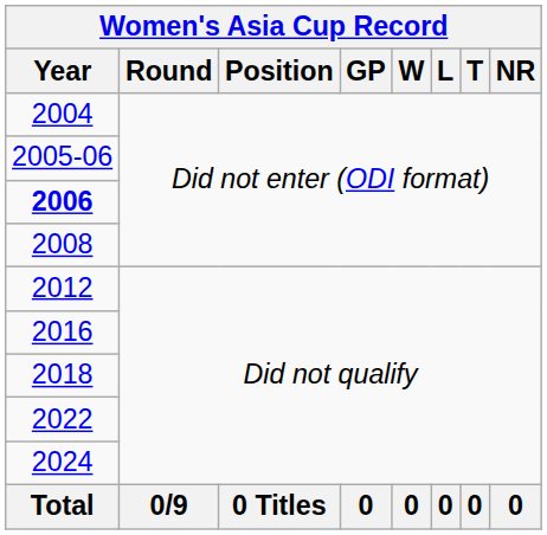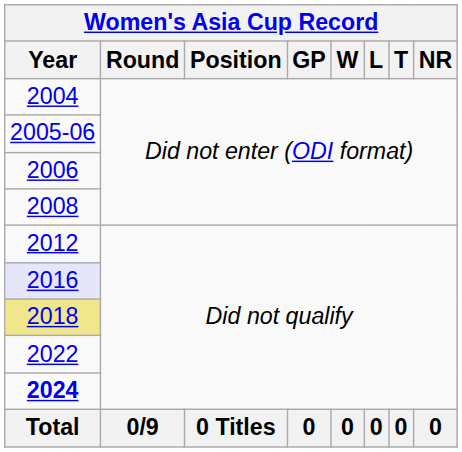 <table class="wikitable" style="text-align: center; width=900px;">
 <tr>
 <th colspan="8"><a href='#'>Women's Asia Cup Record</a></th>
 </tr>
 <tr>
 <th>Year</th>
 <th>Round</th>
 <th>Position</th>
 <th>GP</th>
 <th>W</th>
 <th>L</th>
 <th>T</th>
 <th>NR</th>
 </tr>
 <tr>
 <td><a href='#'>2004</a> </td>
 <td colspan="7" rowspan="4"><em>Did not enter (<a href='#'>ODI</a> format)</em></td>
 </tr>
 <tr>
 <td><a href='#'>2005-06</a> </td>
 </tr>
 <tr>
-<td><strong><a href='#'>2006</a> </strong></td>
+<td><a href='#'>2006</a> </td>
 </tr>
 <tr>
 <td><a href='#'>2008</a> </td>
 </tr>
 <tr>
 <td><a href='#'>2012</a> </td>
 <td colspan="7" rowspan="5"><em>Did not qualify</td>
 </tr>
 <tr>
-<td><a href='#'>2016</a> </td>
+<td style="background: lavender;"><a href='#'>2016</a> </td>
 </tr>
 <tr>
-<td><a href='#'>2018</a> </td>
+<td style="background: khaki;"><a href='#'>2018</a> </td>
 </tr>
 <tr>
 <td><a href='#'>2022</a> </td>
 </tr>
 <tr>
-<td><a href='#'>2024</a> </td>
+<td><strong><a href='#'>2024</a> </strong></td>
 </tr>
 <tr>
 <th>Total</th>
 <th>0/9</th>
 <th>0 Titles</th>
 <th>0</th>
 <th>0</th>
 <th>0</th>
 <th>0</th>
 <th>0</th>
 </tr>
 </table>
